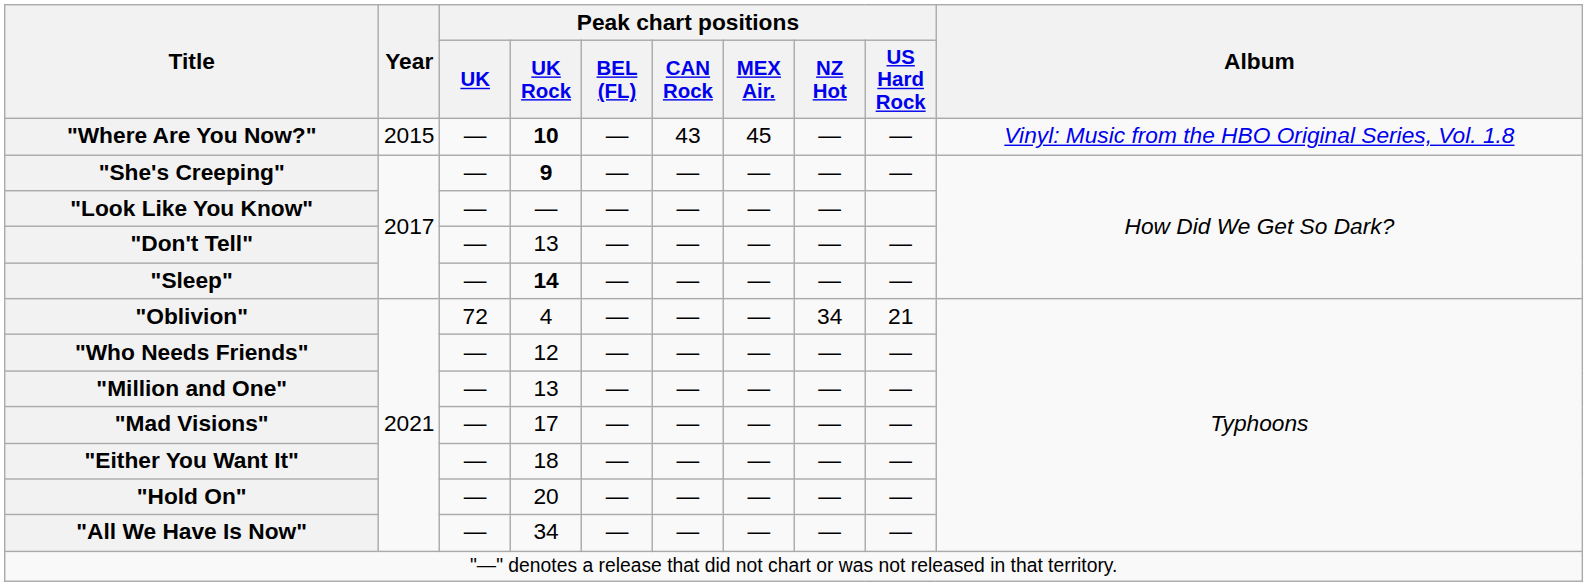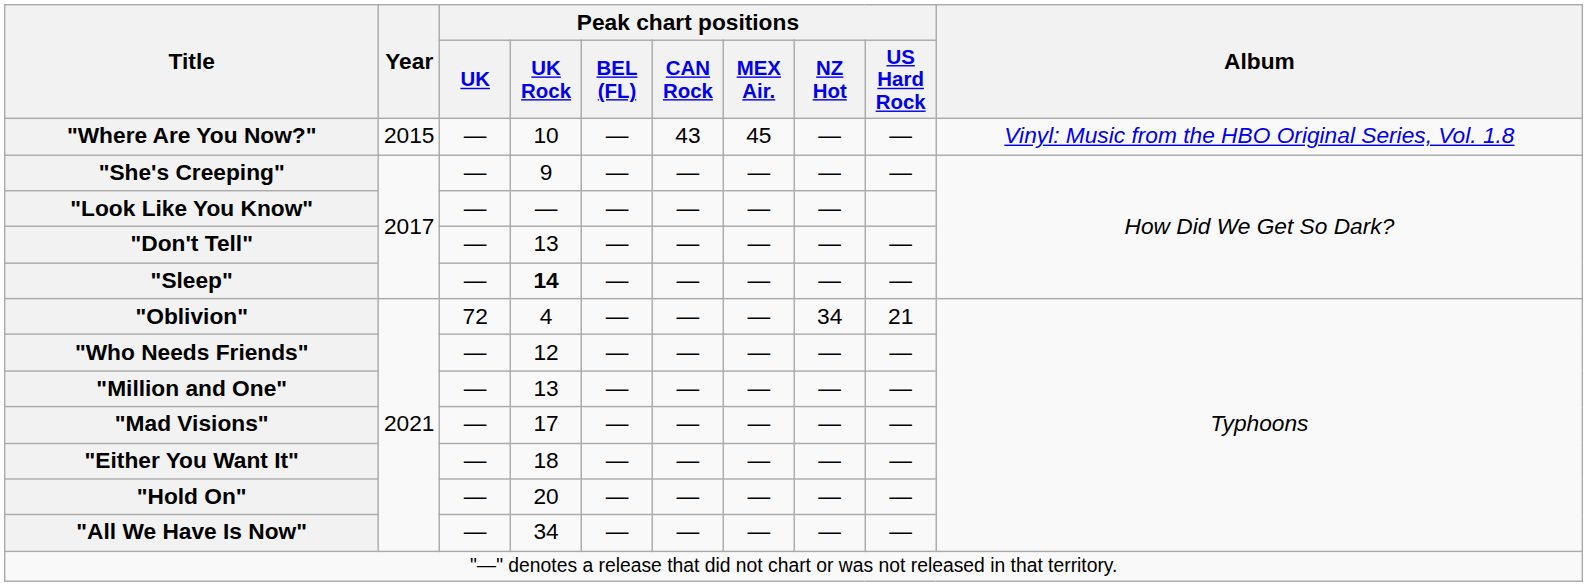 <table class="wikitable plainrowheaders" style="text-align:center;">
 <tr>
 <th scope="col" rowspan="2" style="width:16em;">Title</th>
 <th scope="col" rowspan="2">Year</th>
 <th scope="col" colspan="7">Peak chart positions</th>
 <th scope="col" rowspan="2" style="width:28em;">Album</th>
 </tr>
 <tr>
 <th scope="col" style="width:3em;font-size:90%;"><a href='#'>UK</a><br></th>
 <th scope="col" style="width:3em;font-size:90%;"><a href='#'>UK<br>Rock</a><br></th>
 <th scope="col" style="width:3em;font-size:90%;"><a href='#'>BEL<br>(FL)</a><br></th>
 <th scope="col" style="width:3em;font-size:90%;"><a href='#'>CAN<br>Rock</a><br></th>
 <th scope="col" style="width:3em;font-size:90%;"><a href='#'>MEX<br>Air.</a><br></th>
 <th scope="col" style="width:3em;font-size:90%;"><a href='#'>NZ<br>Hot</a><br></th>
 <th scope="col" style="width:3em;font-size:90%;"><a href='#'>US<br>Hard<br>Rock</a><br></th>
 </tr>
 <tr>
 <th scope="row">"Where Are You Now?"</th>
 <td>2015</td>
 <td>—</td>
-<td><strong>10</strong></td>
+<td>10</td>
 <td>—</td>
 <td>43</td>
 <td>45</td>
 <td>—</td>
 <td>—</td>
 <td><em><a href='#'>Vinyl: Music from the HBO Original Series, Vol. 1.8</a></em></td>
 </tr>
 <tr>
 <th scope="row">"She's Creeping"</th>
 <td rowspan="4">2017</td>
 <td>—</td>
-<td><strong>9</strong></td>
+<td>9</td>
 <td>—</td>
 <td>—</td>
 <td>—</td>
 <td>—</td>
 <td>—</td>
 <td rowspan="4"><em>How Did We Get So Dark?</em></td>
 </tr>
 <tr>
 <th scope="row">"Look Like You Know"</th>
 <td>—</td>
 <td>—</td>
 <td>—</td>
 <td>—</td>
 <td>—</td>
 <td>—</td>
 </tr>
 <tr>
 <th scope="row">"Don't Tell"</th>
 <td>—</td>
 <td>13</td>
 <td>—</td>
 <td>—</td>
 <td>—</td>
 <td>—</td>
 <td>—</td>
 </tr>
 <tr>
 <th scope="row">"Sleep"</th>
 <td>—</td>
 <td><strong>14</strong></td>
 <td>—</td>
 <td>—</td>
 <td>—</td>
 <td>—</td>
 <td>—</td>
 </tr>
 <tr>
 <th scope="row">"Oblivion"</th>
 <td rowspan="7">2021</td>
 <td>72</td>
 <td>4</td>
 <td>—</td>
 <td>—</td>
 <td>—</td>
 <td>34</td>
 <td>21</td>
 <td rowspan="7"><em>Typhoons</em></td>
 </tr>
 <tr>
 <th scope="row">"Who Needs Friends"</th>
 <td>—</td>
 <td>12</td>
 <td>—</td>
 <td>—</td>
 <td>—</td>
 <td>—</td>
 <td>—</td>
 </tr>
 <tr>
 <th scope="row">"Million and One"</th>
 <td>—</td>
 <td>13</td>
 <td>—</td>
 <td>—</td>
 <td>—</td>
 <td>—</td>
 <td>—</td>
 </tr>
 <tr>
 <th scope="row">"Mad Visions"</th>
 <td>—</td>
 <td>17</td>
 <td>—</td>
 <td>—</td>
 <td>—</td>
 <td>—</td>
 <td>—</td>
 </tr>
 <tr>
 <th scope="row">"Either You Want It"</th>
 <td>—</td>
 <td>18</td>
 <td>—</td>
 <td>—</td>
 <td>—</td>
 <td>—</td>
 <td>—</td>
 </tr>
 <tr>
 <th scope="row">"Hold On"</th>
 <td>—</td>
 <td>20</td>
 <td>—</td>
 <td>—</td>
 <td>—</td>
 <td>—</td>
 <td>—</td>
 </tr>
 <tr>
 <th scope="row">"All We Have Is Now"</th>
 <td>—</td>
 <td>34</td>
 <td>—</td>
 <td>—</td>
 <td>—</td>
 <td>—</td>
 <td>—</td>
 </tr>
 <tr>
 <td colspan="12" style="font-size: 85%">"—" denotes a release that did not chart or was not released in that territory.</td>
 </tr>
 </table>
